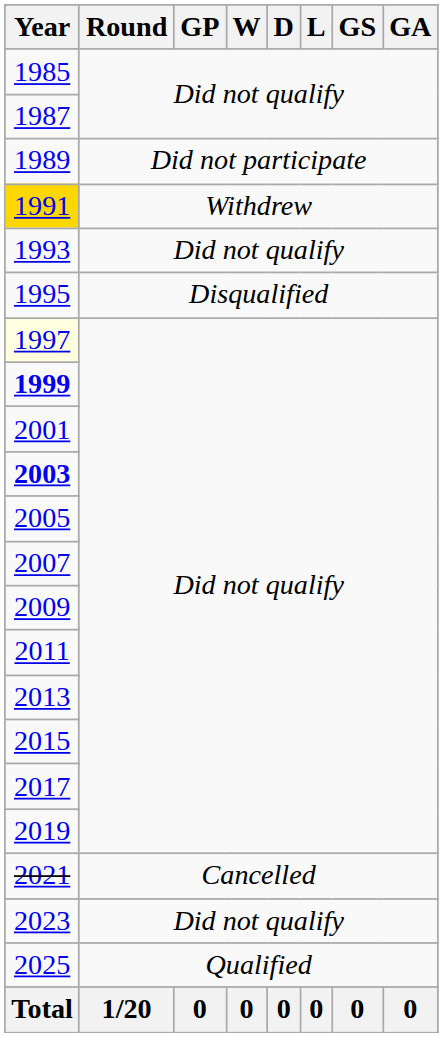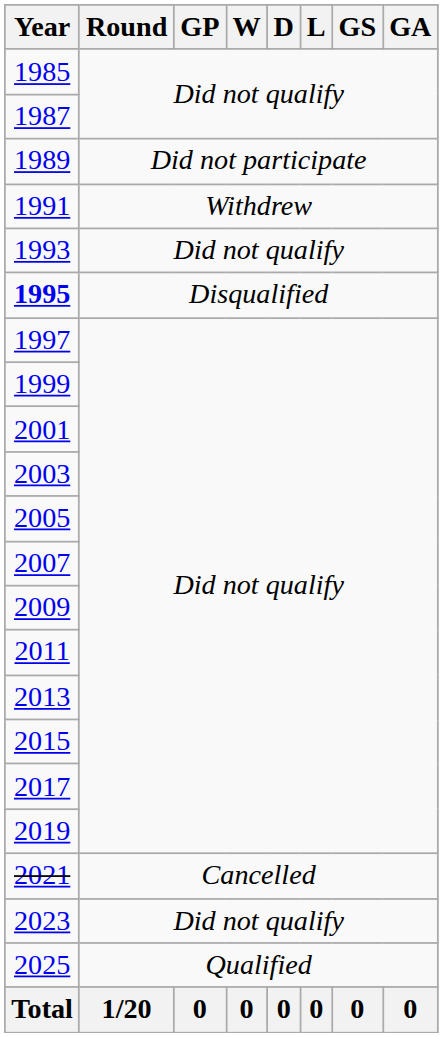 <table class="wikitable" style="text-align: center;">
 <tr>
 <th>Year</th>
 <th>Round</th>
 <th>GP</th>
 <th>W</th>
 <th>D</th>
 <th>L</th>
 <th>GS</th>
 <th>GA</th>
 </tr>
 <tr>
 <td> <a href='#'>1985</a></td>
 <td rowspan=2 colspan=7><em>Did not qualify</em></td>
 </tr>
 <tr>
 <td> <a href='#'>1987</a></td>
 </tr>
 <tr>
 <td> <a href='#'>1989</a></td>
 <td colspan=7><em>Did not participate</em></td>
 </tr>
 <tr>
-<td style="background: gold;"> <a href='#'>1991</a></td>
+<td> <a href='#'>1991</a></td>
 <td colspan=7><em>Withdrew</em></td>
 </tr>
 <tr>
 <td> <a href='#'>1993</a></td>
 <td colspan=7><em>Did not qualify</em></td>
 </tr>
 <tr>
-<td> <a href='#'>1995</a></td>
+<td><strong> <a href='#'>1995</a></strong></td>
 <td colspan=7><em>Disqualified</em></td>
 </tr>
 <tr>
-<td style="background: lightyellow;"> <a href='#'>1997</a></td>
+<td> <a href='#'>1997</a></td>
 <td rowspan=12 colspan=7><em>Did not qualify</em></td>
 </tr>
 <tr>
-<td><strong> <a href='#'>1999</a></strong></td>
+<td> <a href='#'>1999</a></td>
 </tr>
 <tr>
 <td> <a href='#'>2001</a></td>
 </tr>
 <tr>
-<td><strong> <a href='#'>2003</a></strong></td>
+<td> <a href='#'>2003</a></td>
 </tr>
 <tr>
 <td> <a href='#'>2005</a></td>
 </tr>
 <tr>
 <td> <a href='#'>2007</a></td>
 </tr>
 <tr>
 <td> <a href='#'>2009</a></td>
 </tr>
 <tr>
 <td> <a href='#'>2011</a></td>
 </tr>
 <tr>
 <td> <a href='#'>2013</a></td>
 </tr>
 <tr>
 <td> <a href='#'>2015</a></td>
 </tr>
 <tr>
 <td> <a href='#'>2017</a></td>
 </tr>
 <tr>
 <td> <a href='#'>2019</a></td>
 </tr>
 <tr>
 <td> <s><a href='#'>2021</a></s></td>
 <td colspan=7><em>Cancelled</em></td>
 </tr>
 <tr>
 <td> <a href='#'>2023</a></td>
 <td colspan=7><em>Did not qualify</em></td>
 </tr>
 <tr>
 <td> <a href='#'>2025</a></td>
 <td colspan=7><em>Qualified</em></td>
 </tr>
 <tr>
 <th>Total</th>
 <th>1/20</th>
 <th>0</th>
 <th>0</th>
 <th>0</th>
 <th>0</th>
 <th>0</th>
 <th>0</th>
 </tr>
 </table>
